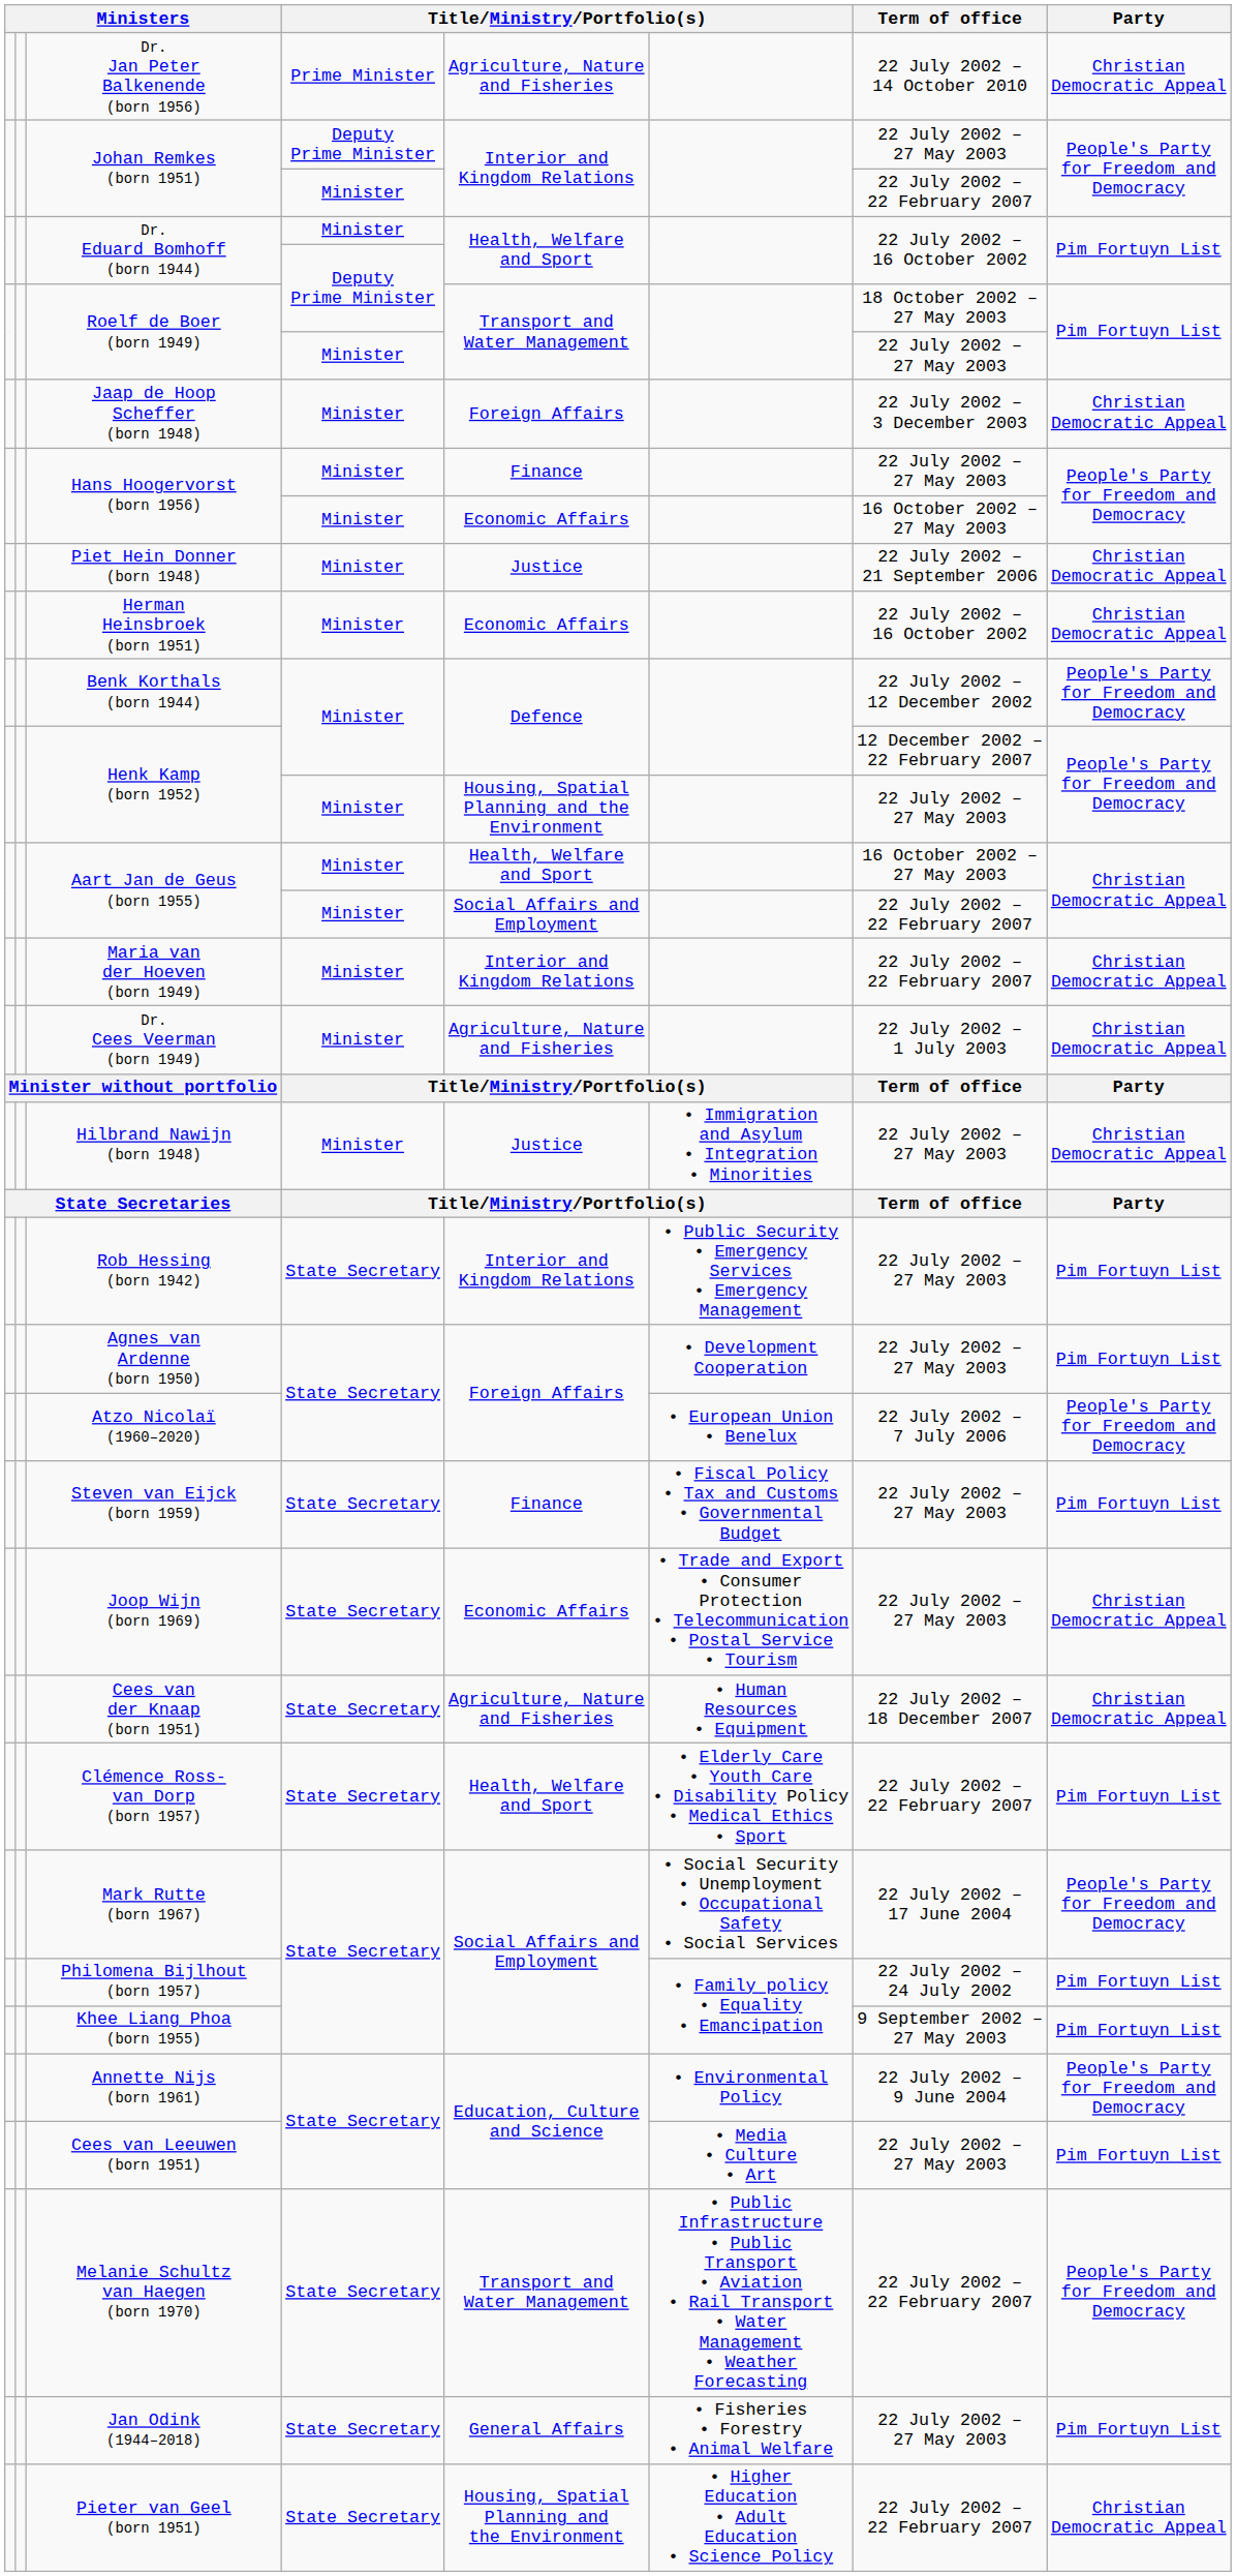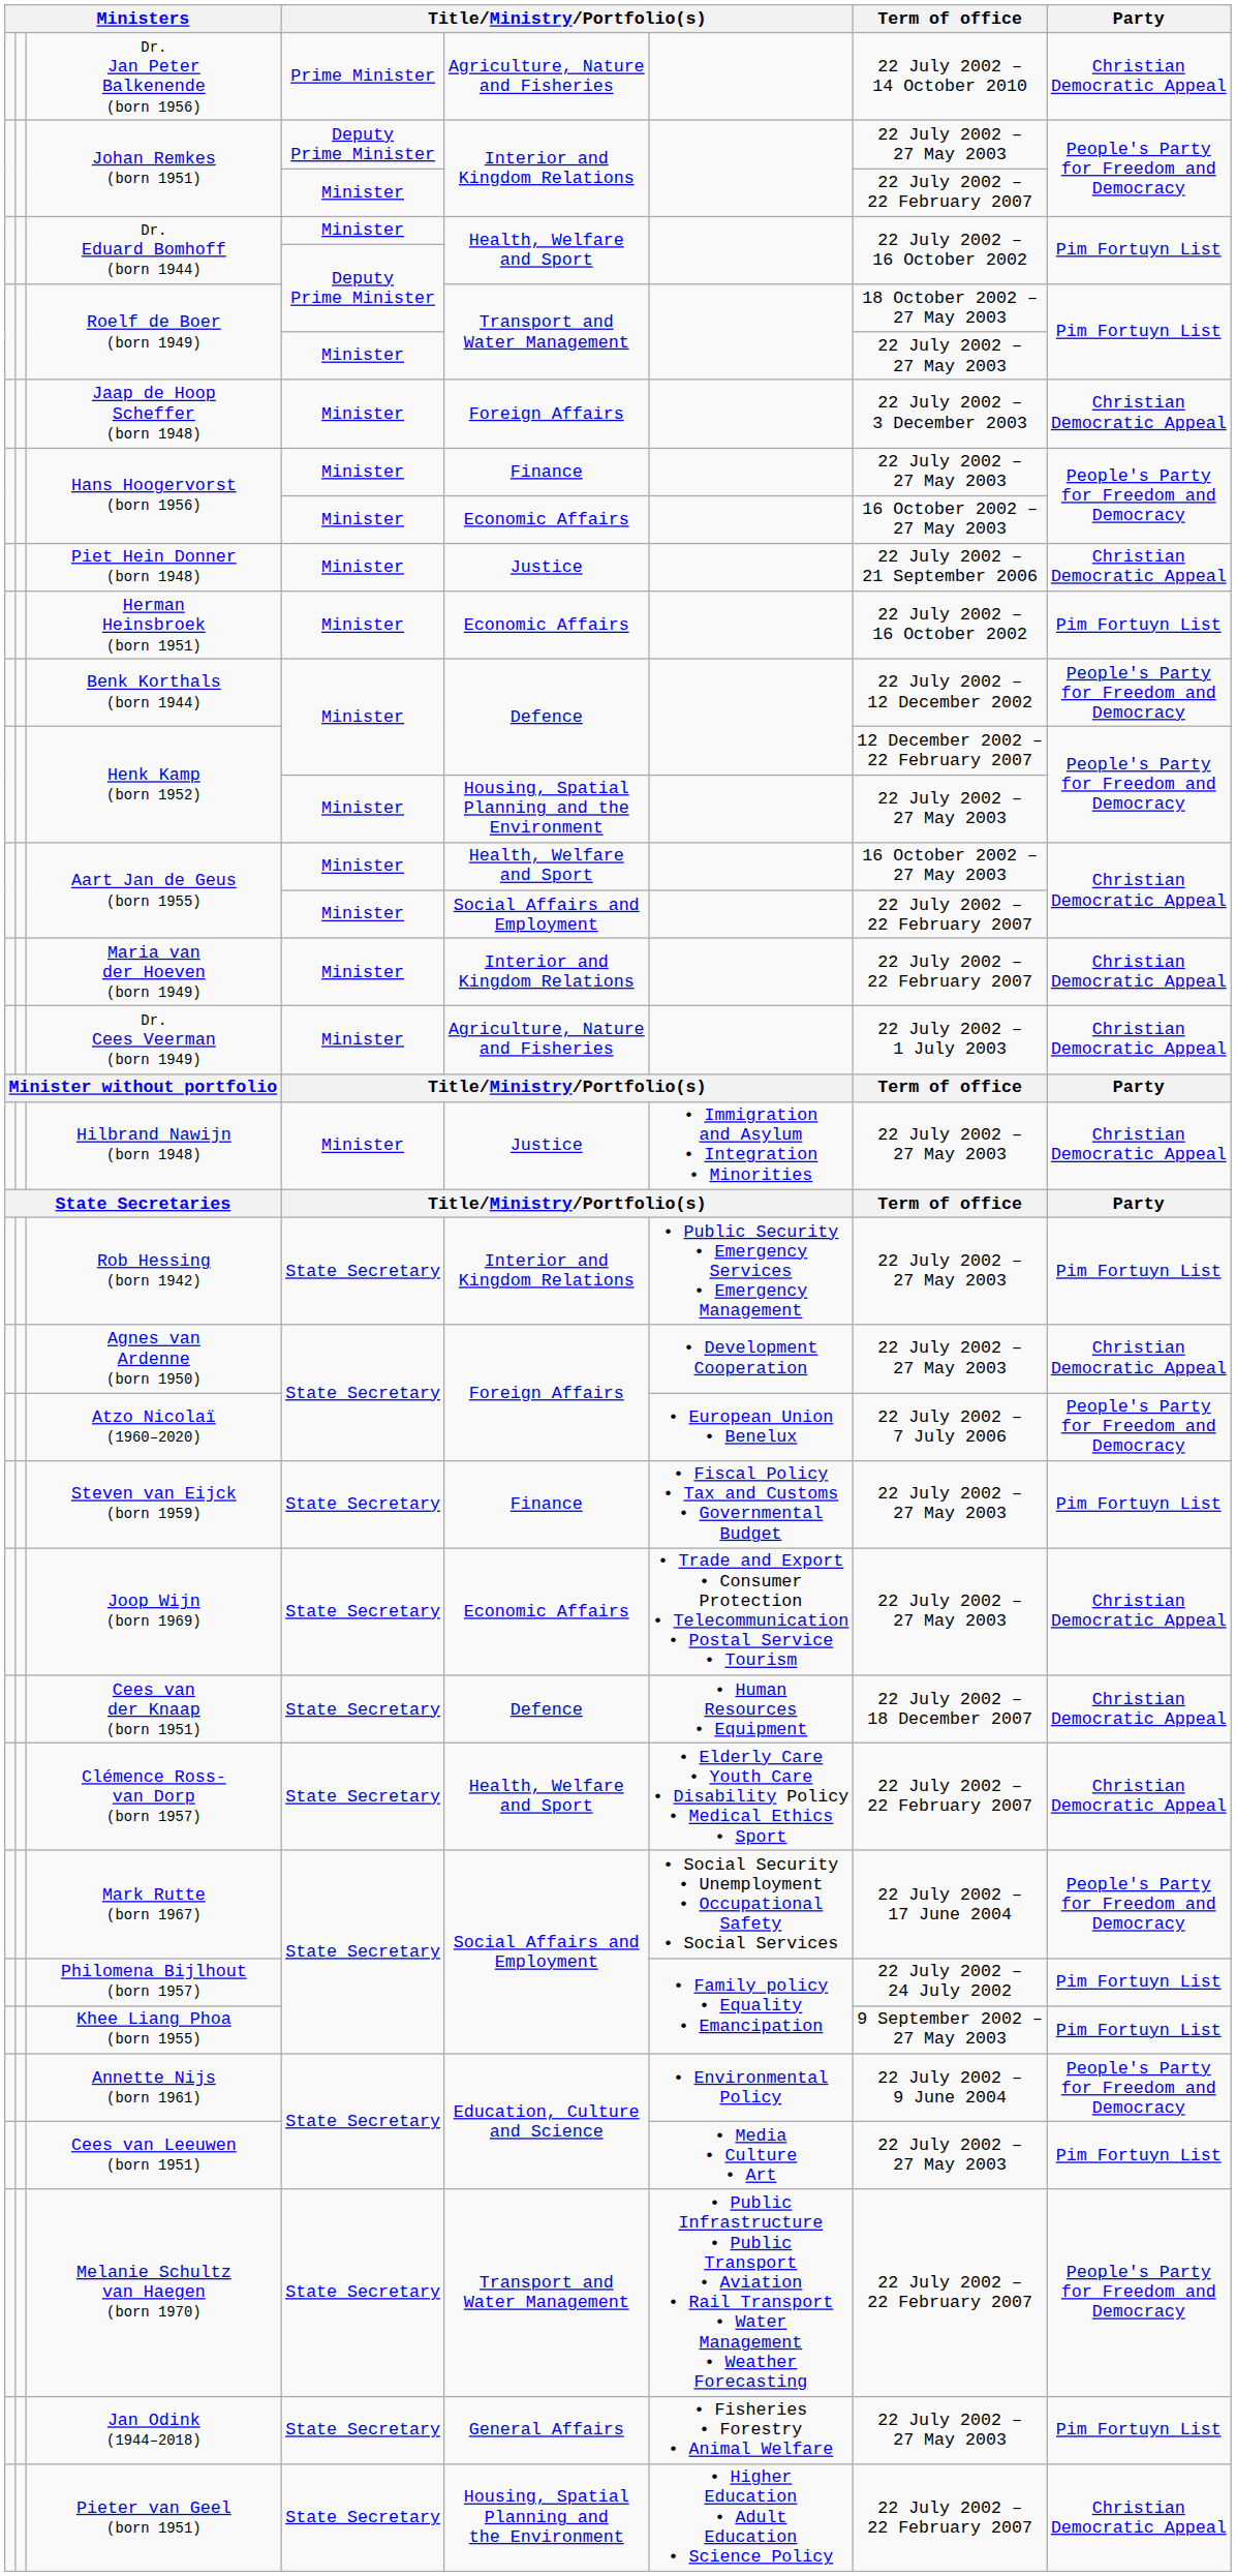 <table class="wikitable" style="text-align:center">
 <tr>
 <th colspan=3><a href='#'>Ministers</a></th>
 <th colspan=3>Title/<a href='#'>Ministry</a>/Portfolio(s)</th>
 <th>Term of office</th>
 <th>Party</th>
 </tr>
 <tr>
 <td style="background:"></td>
 <td></td>
 <td><small>Dr.</small> <br> <a href='#'>Jan Peter <br> Balkenende</a> <br> <small>(born 1956)</small></td>
 <td><a href='#'>Prime Minister</a></td>
 <td><a href='#'>Agriculture, Nature <br> and Fisheries</a></td>
 <td></td>
 <td>22 July 2002 – <br> 14 October 2010 <br> </td>
 <td><a href='#'>Christian <br> Democratic Appeal</a></td>
 </tr>
 <tr>
 <td rowspan=2 style="background:"></td>
 <td rowspan=2></td>
 <td rowspan=2><a href='#'>Johan Remkes</a> <br> <small>(born 1951)</small></td>
 <td><a href='#'>Deputy <br> Prime Minister</a></td>
 <td rowspan=2><a href='#'>Interior and <br> Kingdom Relations</a></td>
 <td rowspan=2></td>
 <td>22 July 2002 – <br> 27 May 2003</td>
 <td rowspan=2><a href='#'>People's Party <br> for Freedom and <br> Democracy</a></td>
 </tr>
 <tr>
 <td><a href='#'>Minister</a></td>
 <td>22 July 2002 – <br> 22 February 2007 <br> </td>
 </tr>
 <tr>
 <td rowspan=2 style="background:"></td>
 <td rowspan=2></td>
 <td rowspan=2><small>Dr.</small> <br> <a href='#'>Eduard Bomhoff</a> <br> <small>(born 1944)</small></td>
 <td><a href='#'>Minister</a></td>
 <td rowspan=2><a href='#'>Health, Welfare <br> and Sport</a></td>
 <td rowspan=2></td>
 <td rowspan=2>22 July 2002 – <br> 16 October 2002 <br> </td>
 <td rowspan=2><a href='#'>Pim Fortuyn List</a></td>
 </tr>
 <tr>
 <td rowspan=2><a href='#'>Deputy <br> Prime Minister</a></td>
 </tr>
 <tr>
 <td rowspan=2 style="background:"></td>
 <td rowspan=2></td>
 <td rowspan=2><a href='#'>Roelf de Boer</a> <br> <small>(born 1949)</small></td>
 <td rowspan=2><a href='#'>Transport and <br> Water Management</a></td>
 <td rowspan=2></td>
 <td>18 October 2002 – <br> 27 May 2003</td>
 <td rowspan=2><a href='#'>Pim Fortuyn List</a></td>
 </tr>
 <tr>
 <td><a href='#'>Minister</a></td>
 <td>22 July 2002 – <br> 27 May 2003</td>
 </tr>
 <tr>
 <td style="background:"></td>
 <td></td>
 <td><a href='#'>Jaap de Hoop <br> Scheffer</a> <br> <small>(born 1948)</small></td>
 <td><a href='#'>Minister</a></td>
 <td><a href='#'>Foreign Affairs</a></td>
 <td></td>
 <td>22 July 2002 – <br> 3 December 2003 <br> </td>
 <td><a href='#'>Christian <br> Democratic Appeal</a></td>
 </tr>
 <tr>
 <td rowspan=2 style="background:"></td>
 <td rowspan=2></td>
 <td rowspan=2><a href='#'>Hans Hoogervorst</a> <br> <small>(born 1956)</small></td>
 <td><a href='#'>Minister</a></td>
 <td><a href='#'>Finance</a></td>
 <td></td>
 <td>22 July 2002 – <br> 27 May 2003</td>
 <td rowspan=2><a href='#'>People's Party <br> for Freedom and <br> Democracy</a></td>
 </tr>
 <tr>
 <td><a href='#'>Minister</a></td>
 <td><a href='#'>Economic Affairs</a></td>
 <td></td>
 <td>16 October 2002 – <br> 27 May 2003 <br> </td>
 </tr>
 <tr>
 <td style="background:"></td>
 <td></td>
 <td><a href='#'>Piet Hein Donner</a> <br> <small>(born 1948)</small></td>
 <td><a href='#'>Minister</a></td>
 <td><a href='#'>Justice</a></td>
 <td></td>
 <td>22 July 2002 – <br> 21 September 2006 <br> </td>
 <td><a href='#'>Christian <br> Democratic Appeal</a></td>
 </tr>
 <tr>
 <td style="background:"></td>
 <td></td>
 <td><a href='#'>Herman <br> Heinsbroek</a> <br> <small>(born 1951)</small></td>
 <td><a href='#'>Minister</a></td>
 <td><a href='#'>Economic Affairs</a></td>
 <td></td>
 <td>22 July 2002 – <br> 16 October 2002 <br> </td>
-<td><a href='#'>Christian <br> Democratic Appeal</a></td>
+<td><a href='#'>Pim Fortuyn List</a></td>
 </tr>
 <tr>
 <td style="background:"></td>
 <td></td>
 <td><a href='#'>Benk Korthals</a> <br> <small>(born 1944)</small></td>
 <td rowspan=2><a href='#'>Minister</a></td>
 <td rowspan=2><a href='#'>Defence</a></td>
 <td rowspan=2></td>
 <td>22 July 2002 – <br> 12 December 2002 <br> </td>
 <td><a href='#'>People's Party <br> for Freedom and <br> Democracy</a></td>
 </tr>
 <tr>
 <td rowspan=2 style="background:"></td>
 <td rowspan=2></td>
 <td rowspan=2><a href='#'>Henk Kamp</a> <br> <small>(born 1952)</small></td>
 <td>12 December 2002 – <br> 22 February 2007 <br> </td>
 <td rowspan=2><a href='#'>People's Party <br> for Freedom and <br> Democracy</a></td>
 </tr>
 <tr>
 <td><a href='#'>Minister</a></td>
 <td><a href='#'>Housing, Spatial <br> Planning and the <br> Environment</a></td>
 <td></td>
 <td>22 July 2002 – <br> 27 May 2003</td>
 </tr>
 <tr>
 <td rowspan=2 style="background:"></td>
 <td rowspan=2></td>
 <td rowspan=2><a href='#'>Aart Jan de Geus</a> <br> <small>(born 1955)</small></td>
 <td><a href='#'>Minister</a></td>
 <td><a href='#'>Health, Welfare <br> and Sport</a></td>
 <td></td>
 <td>16 October 2002 – <br> 27 May 2003 <br> </td>
 <td rowspan=2><a href='#'>Christian <br> Democratic Appeal</a></td>
 </tr>
 <tr>
 <td><a href='#'>Minister</a></td>
 <td><a href='#'>Social Affairs and <br> Employment</a></td>
 <td></td>
 <td>22 July 2002 – <br> 22 February 2007 <br> </td>
 </tr>
 <tr>
 <td style="background:"></td>
 <td></td>
 <td><a href='#'>Maria van <br> der Hoeven</a> <br> <small>(born 1949)</small></td>
 <td><a href='#'>Minister</a></td>
 <td><a href='#'>Interior and <br> Kingdom Relations</a></td>
 <td></td>
 <td>22 July 2002 – <br> 22 February 2007 <br> </td>
 <td><a href='#'>Christian <br> Democratic Appeal</a></td>
 </tr>
 <tr>
 <td style="background:"></td>
 <td></td>
 <td><small>Dr.</small> <br> <a href='#'>Cees Veerman</a> <br> <small>(born 1949)</small></td>
 <td><a href='#'>Minister</a></td>
 <td><a href='#'>Agriculture, Nature <br> and Fisheries</a></td>
 <td></td>
 <td>22 July 2002 – <br> 1 July 2003 <br> </td>
 <td><a href='#'>Christian <br> Democratic Appeal</a></td>
 </tr>
 <tr>
 <th colspan=3><a href='#'>Minister without portfolio</a></th>
 <th colspan=3>Title/<a href='#'>Ministry</a>/Portfolio(s)</th>
 <th>Term of office</th>
 <th>Party</th>
 </tr>
 <tr>
 <td style="background:"></td>
 <td></td>
 <td><a href='#'>Hilbrand Nawijn</a> <br> <small>(born 1948)</small></td>
 <td><a href='#'>Minister</a></td>
 <td><a href='#'>Justice</a></td>
 <td>• <a href='#'>Immigration <br> and Asylum</a> <br> • <a href='#'>Integration</a> <br> • <a href='#'>Minorities</a></td>
 <td>22 July 2002 – <br> 27 May 2003</td>
 <td><a href='#'>Christian <br> Democratic Appeal</a></td>
 </tr>
 <tr>
 <th colspan=3><a href='#'>State Secretaries</a></th>
 <th colspan=3>Title/<a href='#'>Ministry</a>/Portfolio(s)</th>
 <th>Term of office</th>
 <th>Party</th>
 </tr>
 <tr>
 <td style="background:"></td>
 <td></td>
 <td><a href='#'>Rob Hessing</a> <br> <small>(born 1942)</small></td>
 <td><a href='#'>State Secretary</a></td>
 <td><a href='#'>Interior and <br> Kingdom Relations</a></td>
 <td>• <a href='#'>Public Security</a> <br> • <a href='#'>Emergency <br> Services</a> <br> • <a href='#'>Emergency <br> Management</a></td>
 <td>22 July 2002 – <br> 27 May 2003</td>
 <td><a href='#'>Pim Fortuyn List</a></td>
 </tr>
 <tr>
 <td style="background:"></td>
 <td></td>
 <td><a href='#'>Agnes van <br> Ardenne</a> <br> <small>(born 1950)</small></td>
 <td rowspan=2><a href='#'>State Secretary</a> <br> </td>
 <td rowspan=2><a href='#'>Foreign Affairs</a></td>
 <td>• <a href='#'>Development <br> Cooperation</a></td>
 <td>22 July 2002 – <br> 27 May 2003</td>
-<td><a href='#'>Pim Fortuyn List</a></td>
+<td><a href='#'>Christian <br> Democratic Appeal</a></td>
 </tr>
 <tr>
 <td style="background:"></td>
 <td></td>
 <td><a href='#'>Atzo Nicolaï</a> <br> <small>(1960–2020)</small></td>
 <td>• <a href='#'>European Union</a> <br> • <a href='#'>Benelux</a></td>
 <td>22 July 2002 – <br> 7 July 2006 <br> </td>
 <td><a href='#'>People's Party <br> for Freedom and <br> Democracy</a></td>
 </tr>
 <tr>
 <td style="background:"></td>
 <td></td>
 <td><a href='#'>Steven van Eijck</a> <br> <small>(born 1959)</small></td>
 <td><a href='#'>State Secretary</a></td>
 <td><a href='#'>Finance</a></td>
 <td>• <a href='#'>Fiscal Policy</a> <br> • <a href='#'>Tax and Customs</a> <br> • <a href='#'>Governmental <br> Budget</a></td>
 <td>22 July 2002 – <br> 27 May 2003</td>
 <td><a href='#'>Pim Fortuyn List</a></td>
 </tr>
 <tr>
 <td style="background:"></td>
 <td></td>
 <td><a href='#'>Joop Wijn</a> <br> <small>(born 1969)</small></td>
 <td><a href='#'>State Secretary</a></td>
 <td><a href='#'>Economic Affairs</a></td>
 <td>• <a href='#'>Trade and Export</a> <br> • Consumer <br> Protection <br> • <a href='#'>Telecommunication</a> <br> • <a href='#'>Postal Service</a> <br> • <a href='#'>Tourism</a></td>
 <td>22 July 2002 – <br> 27 May 2003</td>
 <td><a href='#'>Christian <br> Democratic Appeal</a></td>
 </tr>
 <tr>
 <td style="background:"></td>
 <td></td>
 <td><a href='#'>Cees van <br> der Knaap</a> <br> <small>(born 1951)</small></td>
 <td><a href='#'>State Secretary</a></td>
-<td><a href='#'>Agriculture, Nature <br> and Fisheries</a></td>
+<td><a href='#'>Defence</a></td>
 <td>• <a href='#'>Human <br> Resources</a> <br> • <a href='#'>Equipment</a></td>
 <td>22 July 2002 – <br> 18 December 2007 <br> </td>
 <td><a href='#'>Christian <br> Democratic Appeal</a></td>
 </tr>
 <tr>
 <td style="background:"></td>
 <td></td>
 <td><a href='#'>Clémence Ross-<br>van Dorp</a> <br> <small>(born 1957)</small></td>
 <td><a href='#'>State Secretary</a></td>
 <td><a href='#'>Health, Welfare <br> and Sport</a></td>
 <td>• <a href='#'>Elderly Care</a> <br> • <a href='#'>Youth Care</a> <br> • <a href='#'>Disability</a> Policy <br> • <a href='#'>Medical Ethics</a> <br> • <a href='#'>Sport</a></td>
 <td>22 July 2002 – <br> 22 February 2007 <br> </td>
-<td><a href='#'>Pim Fortuyn List</a></td>
+<td><a href='#'>Christian <br> Democratic Appeal</a></td>
 </tr>
 <tr>
 <td style="background:"></td>
 <td></td>
 <td><a href='#'>Mark Rutte</a> <br> <small>(born 1967)</small></td>
 <td rowspan=3><a href='#'>State Secretary</a></td>
 <td rowspan=3><a href='#'>Social Affairs and <br> Employment</a></td>
 <td>• Social Security <br> • Unemployment <br> • <a href='#'>Occupational <br> Safety</a> <br> • Social Services</td>
 <td>22 July 2002 – <br> 17 June 2004 <br> </td>
 <td><a href='#'>People's Party <br> for Freedom and <br> Democracy</a></td>
 </tr>
 <tr>
 <td style="background:"></td>
 <td></td>
 <td><a href='#'>Philomena Bijlhout</a> <br> <small>(born 1957)</small></td>
 <td rowspan=2>• <a href='#'>Family policy</a> <br> • <a href='#'>Equality</a> <br> • <a href='#'>Emancipation</a></td>
 <td>22 July 2002 – <br> 24 July 2002 <br> </td>
 <td><a href='#'>Pim Fortuyn List</a></td>
 </tr>
 <tr>
 <td style="background:"></td>
 <td></td>
 <td><a href='#'>Khee Liang Phoa</a> <br> <small>(born 1955)</small></td>
 <td>9 September 2002 – <br> 27 May 2003</td>
 <td><a href='#'>Pim Fortuyn List</a></td>
 </tr>
 <tr>
 <td style="background:"></td>
 <td></td>
 <td><a href='#'>Annette Nijs</a> <br> <small>(born 1961)</small></td>
 <td rowspan=2><a href='#'>State Secretary</a></td>
 <td rowspan=2><a href='#'>Education, Culture <br> and Science</a></td>
 <td>• <a href='#'>Environmental <br> Policy</a></td>
 <td>22 July 2002 – <br> 9 June 2004 <br> </td>
 <td><a href='#'>People's Party <br> for Freedom and <br> Democracy</a></td>
 </tr>
 <tr>
 <td style="background:"></td>
 <td></td>
 <td><a href='#'>Cees van Leeuwen</a> <br> <small>(born 1951)</small></td>
 <td>• <a href='#'>Media</a> <br> • <a href='#'>Culture</a> <br> • <a href='#'>Art</a></td>
 <td>22 July 2002 – <br> 27 May 2003</td>
 <td><a href='#'>Pim Fortuyn List</a></td>
 </tr>
 <tr>
 <td style="background:"></td>
 <td></td>
 <td><a href='#'>Melanie Schultz <br> van Haegen</a> <br> <small>(born 1970)</small></td>
 <td><a href='#'>State Secretary</a></td>
 <td><a href='#'>Transport and <br> Water Management</a></td>
 <td>• <a href='#'>Public <br> Infrastructure</a> <br> • <a href='#'>Public <br> Transport</a> <br> • <a href='#'>Aviation</a> <br> • <a href='#'>Rail Transport</a> <br> • <a href='#'>Water <br> Management</a> <br> • <a href='#'>Weather <br> Forecasting</a></td>
 <td>22 July 2002 – <br> 22 February 2007 <br> </td>
 <td><a href='#'>People's Party <br> for Freedom and <br> Democracy</a></td>
 </tr>
 <tr>
 <td style="background:"></td>
 <td></td>
 <td><a href='#'>Jan Odink</a> <br> <small>(1944–2018)</small></td>
 <td><a href='#'>State Secretary</a></td>
 <td><a href='#'>General Affairs</a></td>
 <td>• Fisheries <br> • Forestry <br> • <a href='#'>Animal Welfare</a></td>
 <td>22 July 2002 – <br> 27 May 2003</td>
 <td><a href='#'>Pim Fortuyn List</a></td>
 </tr>
 <tr>
 <td style="background:"></td>
 <td></td>
 <td><a href='#'>Pieter van Geel</a> <br> <small>(born 1951)</small></td>
 <td><a href='#'>State Secretary</a></td>
 <td><a href='#'>Housing, Spatial <br> Planning and <br> the Environment</a></td>
 <td>• <a href='#'>Higher <br> Education</a> <br> • <a href='#'>Adult <br> Education</a> <br> • <a href='#'>Science Policy</a></td>
 <td>22 July 2002 – <br> 22 February 2007 <br> </td>
 <td><a href='#'>Christian <br> Democratic Appeal</a></td>
 </tr>
 <tr>
 </tr>
 </table>
